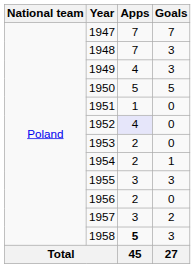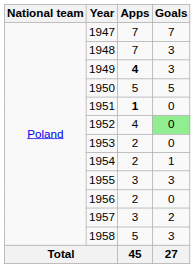 <table class="wikitable" style="text-align:center">
 <tr>
 <th>National team</th>
 <th>Year</th>
 <th>Apps</th>
 <th>Goals</th>
 </tr>
 <tr>
 <td rowspan="12"><a href='#'>Poland</a></td>
 <td>1947</td>
 <td>7</td>
 <td>7</td>
 </tr>
 <tr>
 <td>1948</td>
 <td>7</td>
 <td>3</td>
 </tr>
 <tr>
 <td>1949</td>
-<td>4</td>
+<td><strong>4</strong></td>
 <td>3</td>
 </tr>
 <tr>
 <td>1950</td>
 <td>5</td>
 <td>5</td>
 </tr>
 <tr>
 <td>1951</td>
-<td>1</td>
+<td><strong>1</strong></td>
 <td>0</td>
 </tr>
 <tr>
 <td>1952</td>
-<td style="background: lavender;">4</td>
-<td>0</td>
+<td>4</td>
+<td style="background: lightgreen;">0</td>
 </tr>
 <tr>
 <td>1953</td>
 <td>2</td>
 <td>0</td>
 </tr>
 <tr>
 <td>1954</td>
 <td>2</td>
 <td>1</td>
 </tr>
 <tr>
 <td>1955</td>
 <td>3</td>
 <td>3</td>
 </tr>
 <tr>
 <td>1956</td>
 <td>2</td>
 <td>0</td>
 </tr>
 <tr>
 <td>1957</td>
 <td>3</td>
 <td>2</td>
 </tr>
 <tr>
 <td>1958</td>
-<td><strong>5</strong></td>
+<td>5</td>
 <td>3</td>
 </tr>
 <tr>
 <th colspan="2">Total</th>
 <th>45</th>
 <th>27</th>
 </tr>
 </table>
